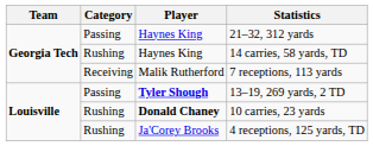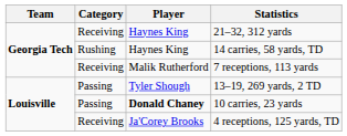 <table class="wikitable" style="float: right;">
 <tr>
 <th>Team</th>
 <th>Category</th>
 <th>Player</th>
 <th>Statistics</th>
 </tr>
 <tr>
 <td rowspan=3><strong>Georgia Tech</strong></td>
-<td>Passing</td>
+<td>Receiving</td>
 <td><a href='#'>Haynes King</a></td>
 <td>21–32, 312 yards</td>
 </tr>
 <tr>
 <td>Rushing</td>
 <td>Haynes King</td>
 <td>14 carries, 58 yards, TD</td>
 </tr>
 <tr>
 <td>Receiving</td>
 <td>Malik Rutherford</td>
 <td>7 receptions, 113 yards</td>
 </tr>
 <tr>
 <td rowspan=3><strong>Louisville</strong></td>
 <td>Passing</td>
-<td><strong><a href='#'>Tyler Shough</a></strong></td>
+<td><a href='#'>Tyler Shough</a></td>
 <td>13–19, 269 yards, 2 TD</td>
 </tr>
 <tr>
-<td>Rushing</td>
+<td>Passing</td>
 <td><strong>Donald Chaney</strong></td>
 <td>10 carries, 23 yards</td>
 </tr>
 <tr>
-<td>Rushing</td>
+<td>Receiving</td>
 <td><a href='#'>Ja'Corey Brooks</a></td>
 <td>4 receptions, 125 yards, TD</td>
 </tr>
 </table>
